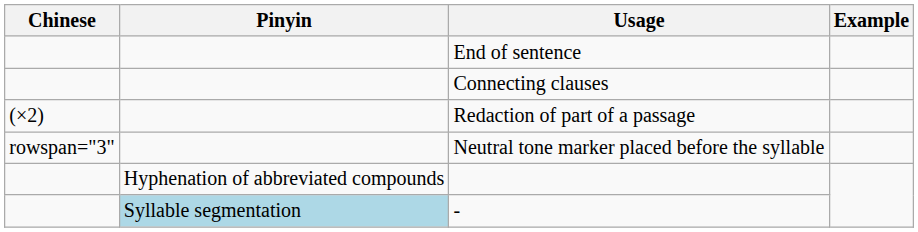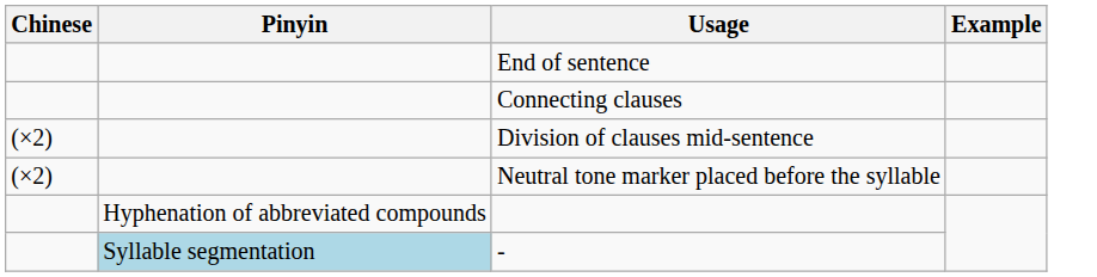 <table class="wikitable">
 <tr>
 <th>Chinese</th>
 <th>Pinyin</th>
 <th>Usage</th>
 <th>Example</th>
 </tr>
 <tr>
 <td></td>
 <td></td>
 <td>End of sentence</td>
 <td> </td>
 </tr>
 <tr>
 <td></td>
 <td></td>
 <td>Connecting clauses</td>
 <td> </td>
 </tr>
 <tr>
 <td> (×2)</td>
 <td></td>
-<td>Redaction of part of a passage</td>
-<td></td>
+<td>Division of clauses mid-sentence</td>
+<td> </td>
 </tr>
 <tr>
-<td>rowspan="3" </td>
+<td> (×2)</td>
 <td></td>
 <td>Neutral tone marker placed before the syllable</td>
 <td> </td>
 </tr>
 <tr>
 <td></td>
 <td>Hyphenation of abbreviated compounds</td>
 <td> </td>
 </tr>
 <tr>
 <td></td>
 <td style="background: lightblue;">Syllable segmentation</td>
 <td> -  </td>
 </tr>
 </table>
